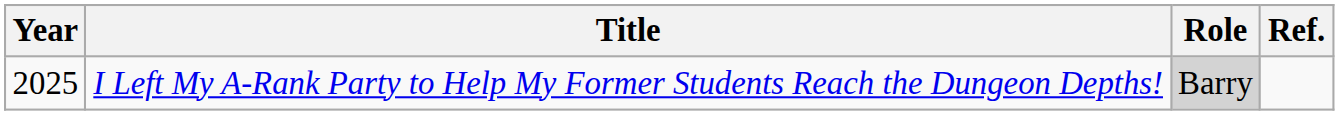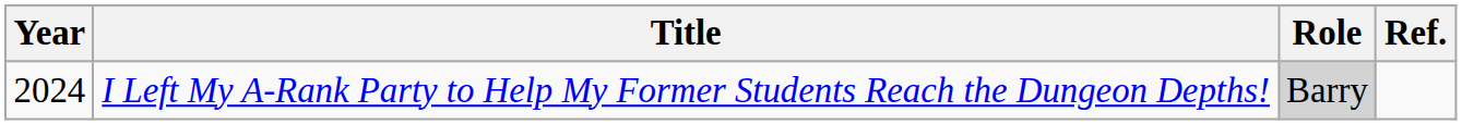 <table class="wikitable">
 <tr>
 <th>Year</th>
 <th>Title</th>
 <th>Role</th>
 <th>Ref.</th>
 </tr>
 <tr>
-<td>2025</td>
+<td>2024</td>
 <td><em><a href='#'>I Left My A-Rank Party to Help My Former Students Reach the Dungeon Depths!</a></em></td>
 <td style="background: lightgrey;">Barry</td>
 <td></td>
 </tr>
 </table>
